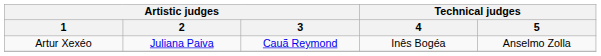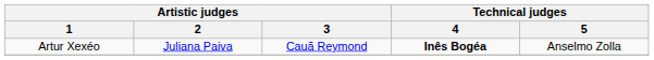 <table class="wikitable" style="font-size:100%; line-height:16px; text-align:center" width="100%">
 <tr>
 <th colspan=3>Artistic judges</th>
 <th colspan=2>Technical judges</th>
 </tr>
 <tr>
 <th style="width:20.0%;">1</th>
 <th style="width:20.0%;">2</th>
 <th style="width:20.0%;">3</th>
 <th style="width:20.0%;">4</th>
 <th style="width:20.0%;">5</th>
 </tr>
 <tr>
 <td>Artur Xexéo</td>
 <td><a href='#'>Juliana Paiva</a></td>
 <td><a href='#'>Cauã Reymond</a></td>
-<td>Inês Bogéa</td>
+<td><strong>Inês Bogéa</strong></td>
 <td>Anselmo Zolla</td>
 </tr>
 <tr>
 </tr>
 </table>
